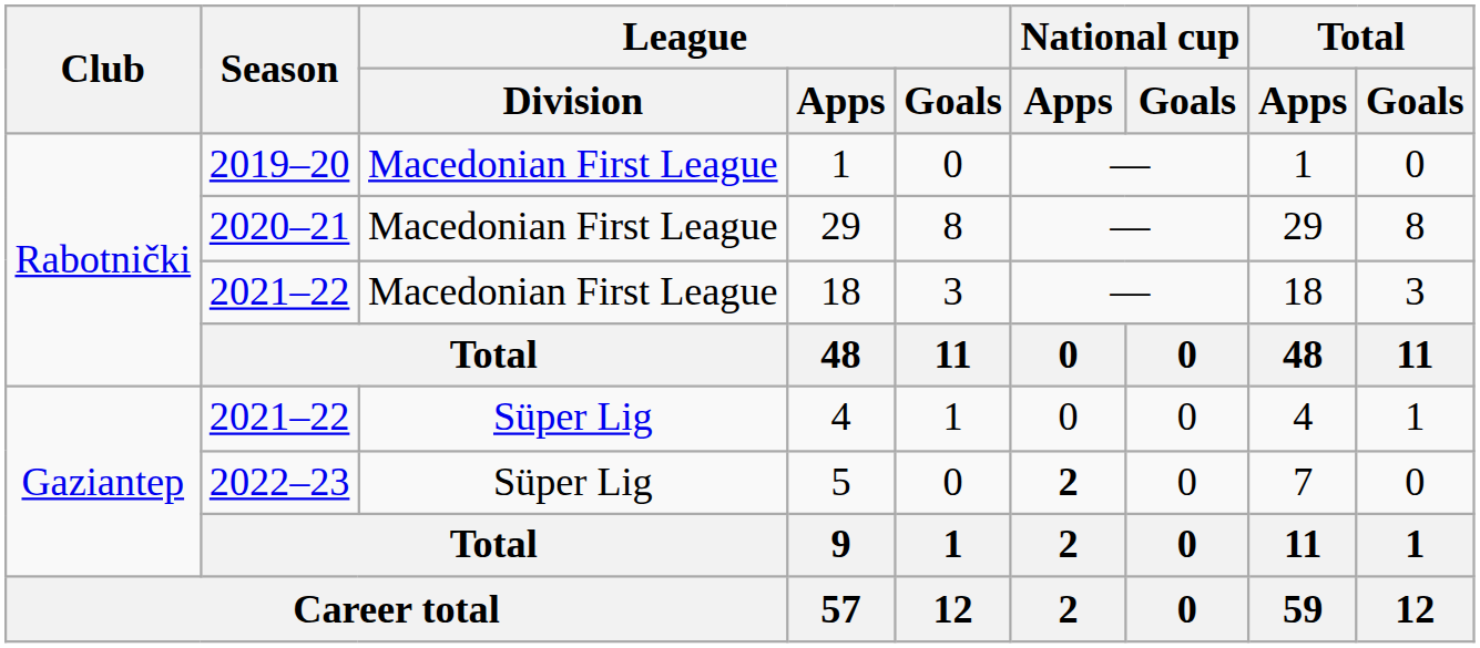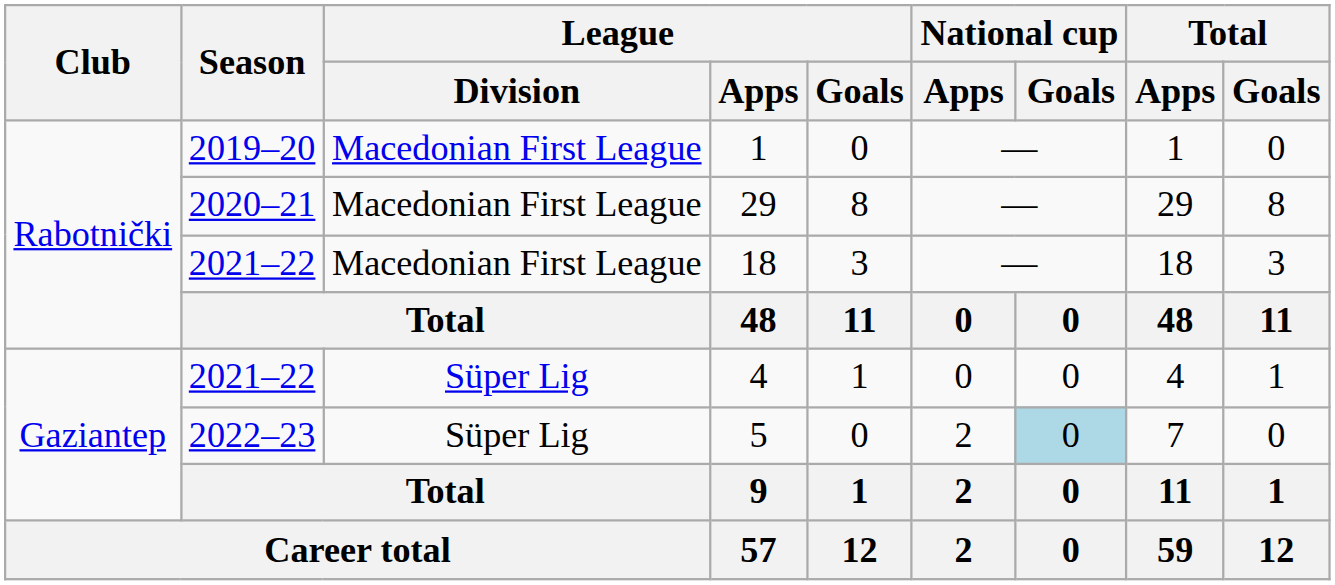 <table class="wikitable" style="text-align:center">
 <tr>
 <th rowspan="2">Club</th>
 <th rowspan="2">Season</th>
 <th colspan="3">League</th>
 <th colspan="2">National cup</th>
 <th colspan="2">Total</th>
 </tr>
 <tr>
 <th>Division</th>
 <th>Apps</th>
 <th>Goals</th>
 <th>Apps</th>
 <th>Goals</th>
 <th>Apps</th>
 <th>Goals</th>
 </tr>
 <tr>
 <td rowspan="4"><a href='#'>Rabotnički</a></td>
 <td><a href='#'>2019–20</a></td>
 <td><a href='#'>Macedonian First League</a></td>
 <td>1</td>
 <td>0</td>
 <td colspan="2">—</td>
 <td>1</td>
 <td>0</td>
 </tr>
 <tr>
 <td><a href='#'>2020–21</a></td>
 <td>Macedonian First League</td>
 <td>29</td>
 <td>8</td>
 <td colspan="2">—</td>
 <td>29</td>
 <td>8</td>
 </tr>
 <tr>
 <td><a href='#'>2021–22</a></td>
 <td>Macedonian First League</td>
 <td>18</td>
 <td>3</td>
 <td colspan="2">—</td>
 <td>18</td>
 <td>3</td>
 </tr>
 <tr>
 <th colspan="2">Total</th>
 <th>48</th>
 <th>11</th>
 <th>0</th>
 <th>0</th>
 <th>48</th>
 <th>11</th>
 </tr>
 <tr>
 <td rowspan="3"><a href='#'>Gaziantep</a></td>
 <td><a href='#'>2021–22</a></td>
 <td><a href='#'>Süper Lig</a></td>
 <td>4</td>
 <td>1</td>
 <td>0</td>
 <td>0</td>
 <td>4</td>
 <td>1</td>
 </tr>
 <tr>
 <td><a href='#'>2022–23</a></td>
 <td>Süper Lig</td>
 <td>5</td>
 <td>0</td>
-<td><strong>2</strong></td>
-<td>0</td>
+<td>2</td>
+<td style="background: lightblue;">0</td>
 <td>7</td>
 <td>0</td>
 </tr>
 <tr>
 <th colspan="2">Total</th>
 <th>9</th>
 <th>1</th>
 <th>2</th>
 <th>0</th>
 <th>11</th>
 <th>1</th>
 </tr>
 <tr>
 <th colspan="3">Career total</th>
 <th>57</th>
 <th>12</th>
 <th>2</th>
 <th>0</th>
 <th>59</th>
 <th>12</th>
 </tr>
 </table>
